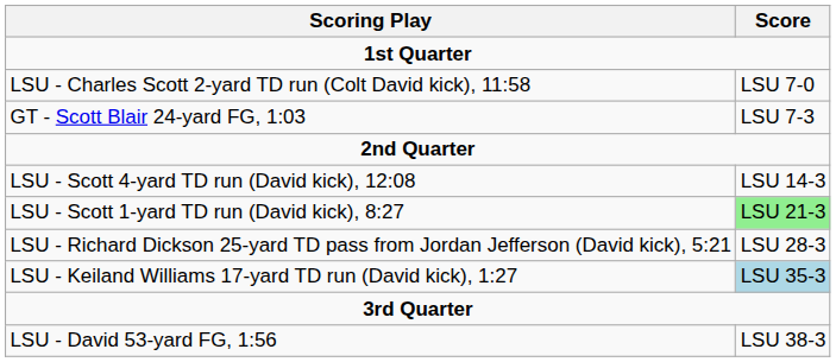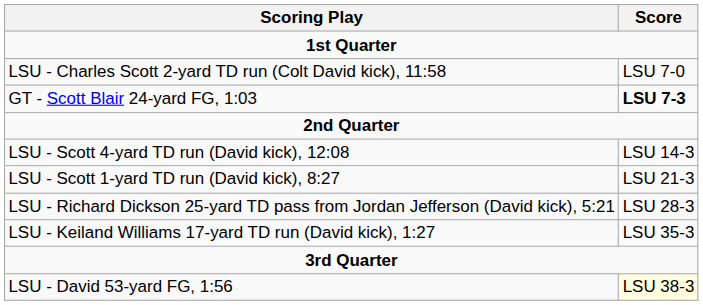 <table class="wikitable">
 <tr>
 <th>Scoring Play</th>
 <th>Score</th>
 </tr>
 <tr>
 <td colspan="4" align="center"><strong>1st Quarter</strong></td>
 </tr>
 <tr>
 <td>LSU - Charles Scott 2-yard TD run (Colt David kick), 11:58</td>
 <td>LSU 7-0</td>
 </tr>
 <tr>
 <td>GT - <a href='#'>Scott Blair</a> 24-yard FG, 1:03</td>
-<td>LSU 7-3</td>
+<td><strong>LSU 7-3</strong></td>
 </tr>
 <tr>
 <td colspan="4" align="center"><strong>2nd Quarter</strong></td>
 </tr>
 <tr>
 <td>LSU - Scott 4-yard TD run (David kick), 12:08</td>
 <td>LSU 14-3</td>
 </tr>
 <tr>
 <td>LSU - Scott 1-yard TD run (David kick), 8:27</td>
-<td style="background: lightgreen;">LSU 21-3</td>
+<td>LSU 21-3</td>
 </tr>
 <tr>
 <td>LSU - Richard Dickson 25-yard TD pass from Jordan Jefferson (David kick), 5:21</td>
 <td>LSU 28-3</td>
 </tr>
 <tr>
 <td>LSU - Keiland Williams 17-yard TD run (David kick), 1:27</td>
-<td style="background: lightblue;">LSU 35-3</td>
+<td>LSU 35-3</td>
 </tr>
 <tr>
 <td colspan="4" align="center"><strong>3rd Quarter</strong></td>
 </tr>
 <tr>
 <td>LSU - David 53-yard FG, 1:56</td>
-<td>LSU 38-3</td>
+<td style="background: lightyellow;">LSU 38-3</td>
 </tr>
 </table>
